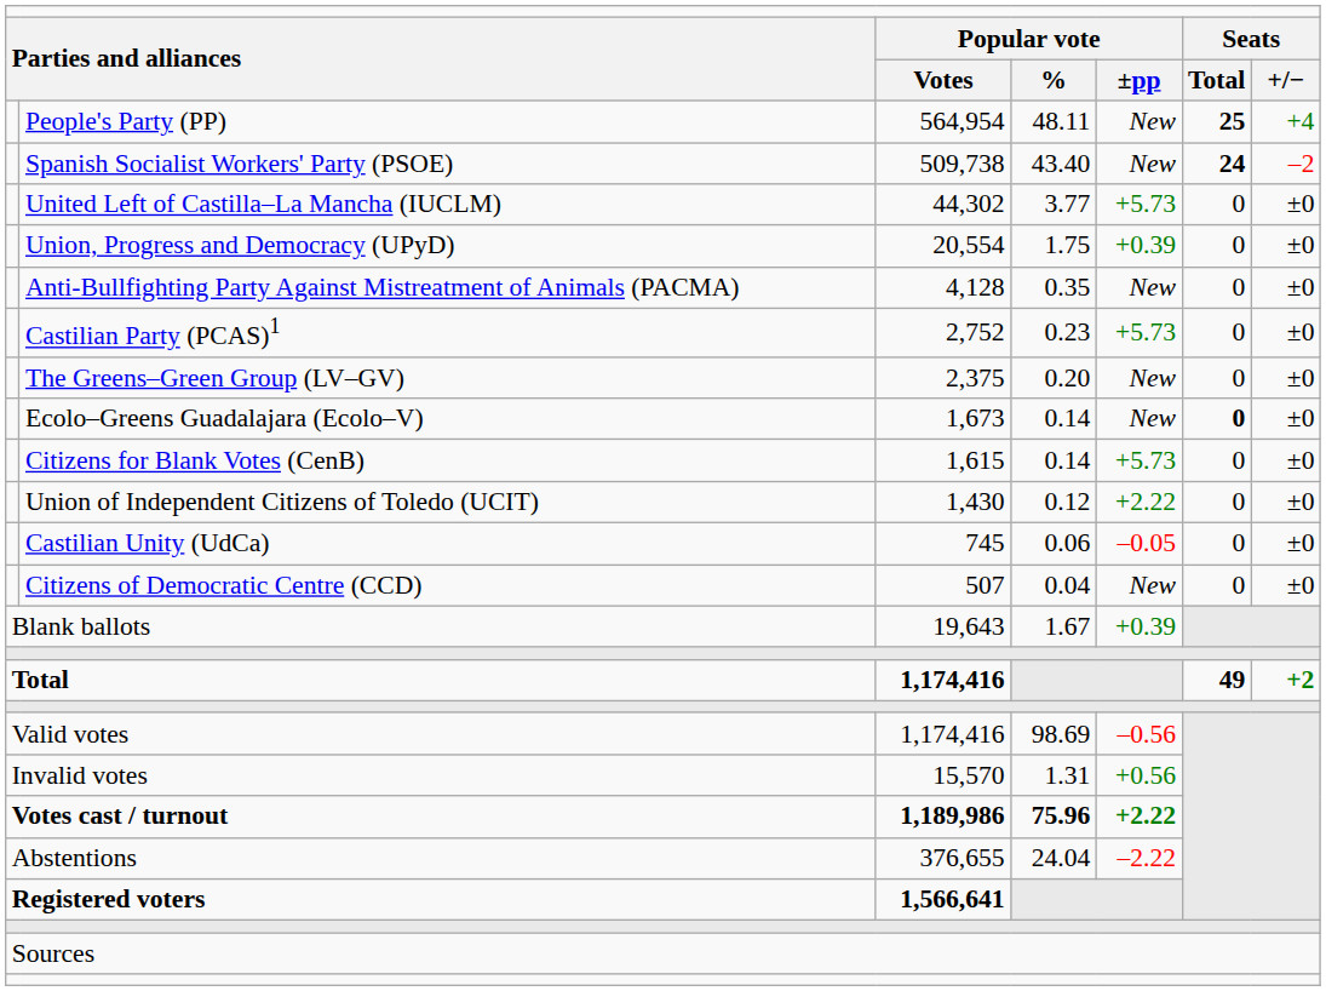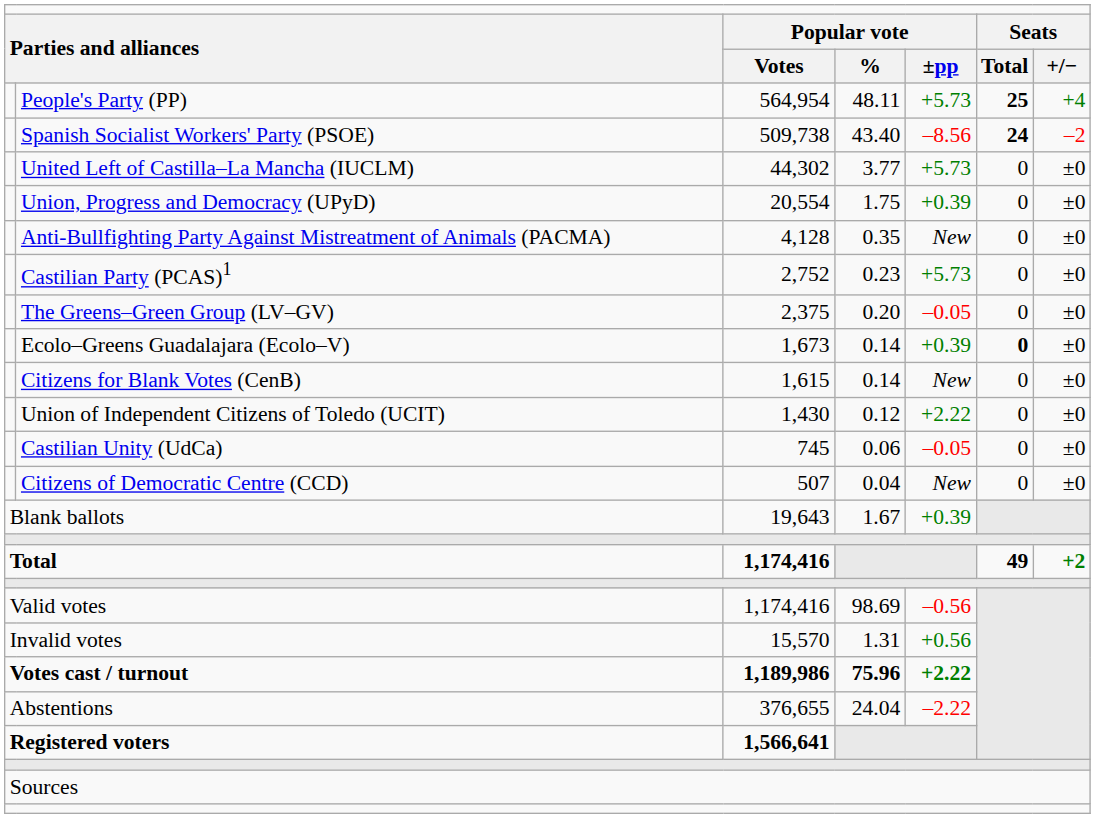 <table class="wikitable" style="text-align:right;">
 <tr>
 <td colspan="7"></td>
 </tr>
 <tr>
 <th style="text-align:left;" rowspan="2" colspan="2" width="525">Parties and alliances</th>
 <th colspan="3">Popular vote</th>
 <th colspan="2">Seats</th>
 </tr>
 <tr>
 <th width="75">Votes</th>
 <th width="45">%</th>
 <th width="45">±<a href='#'>pp</a></th>
 <th width="35">Total</th>
 <th width="35">+/−</th>
 </tr>
 <tr>
 <td width="1" style="color:inherit;background:"></td>
 <td align="left"><a href='#'>People's Party</a> (PP)</td>
 <td>564,954</td>
 <td>48.11</td>
-<td><em>New</em></td>
+<td style="color:green;">+5.73</td>
 <td><strong>25</strong></td>
 <td style="color:green;">+4</td>
 </tr>
 <tr>
 <td style="color:inherit;background:"></td>
 <td align="left"><a href='#'>Spanish Socialist Workers' Party</a> (PSOE)</td>
 <td>509,738</td>
 <td>43.40</td>
-<td><em>New</em></td>
+<td style="color:red;">–8.56</td>
 <td><strong>24</strong></td>
 <td style="color:red;">–2</td>
 </tr>
 <tr>
 <td style="color:inherit;background:"></td>
 <td align="left"><a href='#'>United Left of Castilla–La Mancha</a> (IUCLM)</td>
 <td>44,302</td>
 <td>3.77</td>
 <td style="color:green;">+5.73</td>
 <td>0</td>
 <td>±0</td>
 </tr>
 <tr>
 <td style="color:inherit;background:"></td>
 <td align="left"><a href='#'>Union, Progress and Democracy</a> (UPyD)</td>
 <td>20,554</td>
 <td>1.75</td>
 <td style="color:green;">+0.39</td>
 <td>0</td>
 <td>±0</td>
 </tr>
 <tr>
 <td style="color:inherit;background:"></td>
 <td align="left"><a href='#'>Anti-Bullfighting Party Against Mistreatment of Animals</a> (PACMA)</td>
 <td>4,128</td>
 <td>0.35</td>
 <td><em>New</em></td>
 <td>0</td>
 <td>±0</td>
 </tr>
 <tr>
 <td style="color:inherit;background:"></td>
 <td align="left"><a href='#'>Castilian Party</a> (PCAS)<sup>1</sup></td>
 <td>2,752</td>
 <td>0.23</td>
 <td style="color:green;">+5.73</td>
 <td>0</td>
 <td>±0</td>
 </tr>
 <tr>
 <td style="color:inherit;background:"></td>
 <td align="left"><a href='#'>The Greens–Green Group</a> (LV–GV)</td>
 <td>2,375</td>
 <td>0.20</td>
-<td><em>New</em></td>
+<td style="color:red;">–0.05</td>
 <td>0</td>
 <td>±0</td>
 </tr>
 <tr>
 <td style="color:inherit;background:"></td>
 <td align="left">Ecolo–Greens Guadalajara (Ecolo–V)</td>
 <td>1,673</td>
 <td>0.14</td>
-<td><em>New</em></td>
+<td style="color:green;">+0.39</td>
 <td><strong>0</strong></td>
 <td>±0</td>
 </tr>
 <tr>
 <td style="color:inherit;background:"></td>
 <td align="left"><a href='#'>Citizens for Blank Votes</a> (CenB)</td>
 <td>1,615</td>
 <td>0.14</td>
-<td style="color:green;">+5.73</td>
+<td><em>New</em></td>
 <td>0</td>
 <td>±0</td>
 </tr>
 <tr>
 <td style="color:inherit;background:"></td>
 <td align="left">Union of Independent Citizens of Toledo (UCIT)</td>
 <td>1,430</td>
 <td>0.12</td>
 <td style="color:green;">+2.22</td>
 <td>0</td>
 <td>±0</td>
 </tr>
 <tr>
 <td style="color:inherit;background:"></td>
 <td align="left"><a href='#'>Castilian Unity</a> (UdCa)</td>
 <td>745</td>
 <td>0.06</td>
 <td style="color:red;">–0.05</td>
 <td>0</td>
 <td>±0</td>
 </tr>
 <tr>
 <td style="color:inherit;background:"></td>
 <td align="left"><a href='#'>Citizens of Democratic Centre</a> (CCD)</td>
 <td>507</td>
 <td>0.04</td>
 <td><em>New</em></td>
 <td>0</td>
 <td>±0</td>
 </tr>
 <tr>
 <td align="left" colspan="2">Blank ballots</td>
 <td>19,643</td>
 <td>1.67</td>
 <td style="color:green;">+0.39</td>
 <td bgcolor="#E9E9E9" colspan="2"></td>
 </tr>
 <tr>
 <td colspan="7" bgcolor="#E9E9E9"></td>
 </tr>
 <tr style="font-weight:bold;">
 <td align="left" colspan="2">Total</td>
 <td>1,174,416</td>
 <td bgcolor="#E9E9E9" colspan="2"></td>
 <td>49</td>
 <td style="color:green;">+2</td>
 </tr>
 <tr>
 <td colspan="7" bgcolor="#E9E9E9"></td>
 </tr>
 <tr>
 <td align="left" colspan="2">Valid votes</td>
 <td>1,174,416</td>
 <td>98.69</td>
 <td style="color:red;">–0.56</td>
 <td bgcolor="#E9E9E9" colspan="2" rowspan="5"></td>
 </tr>
 <tr>
 <td align="left" colspan="2">Invalid votes</td>
 <td>15,570</td>
 <td>1.31</td>
 <td style="color:green;">+0.56</td>
 </tr>
 <tr style="font-weight:bold;">
 <td align="left" colspan="2">Votes cast / turnout</td>
 <td>1,189,986</td>
 <td>75.96</td>
 <td style="color:green;">+2.22</td>
 </tr>
 <tr>
 <td align="left" colspan="2">Abstentions</td>
 <td>376,655</td>
 <td>24.04</td>
 <td style="color:red;">–2.22</td>
 </tr>
 <tr style="font-weight:bold;">
 <td align="left" colspan="2">Registered voters</td>
 <td>1,566,641</td>
 <td bgcolor="#E9E9E9" colspan="2"></td>
 </tr>
 <tr>
 <td colspan="7" bgcolor="#E9E9E9"></td>
 </tr>
 <tr>
 <td align="left" colspan="7">Sources</td>
 </tr>
 <tr>
 <td colspan="7" style="text-align:left; max-width:790px;"></td>
 </tr>
 </table>
